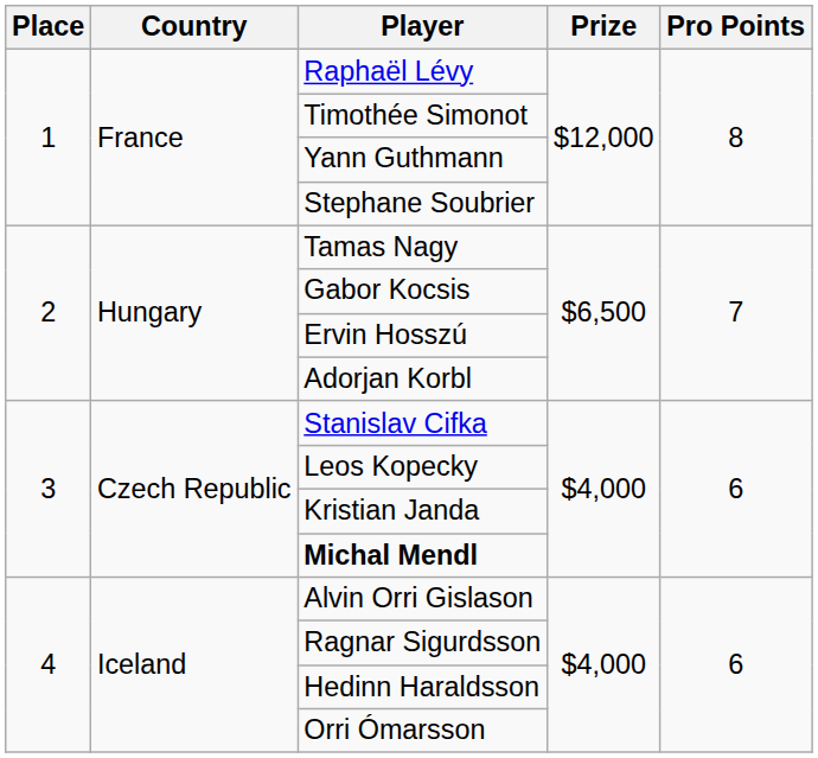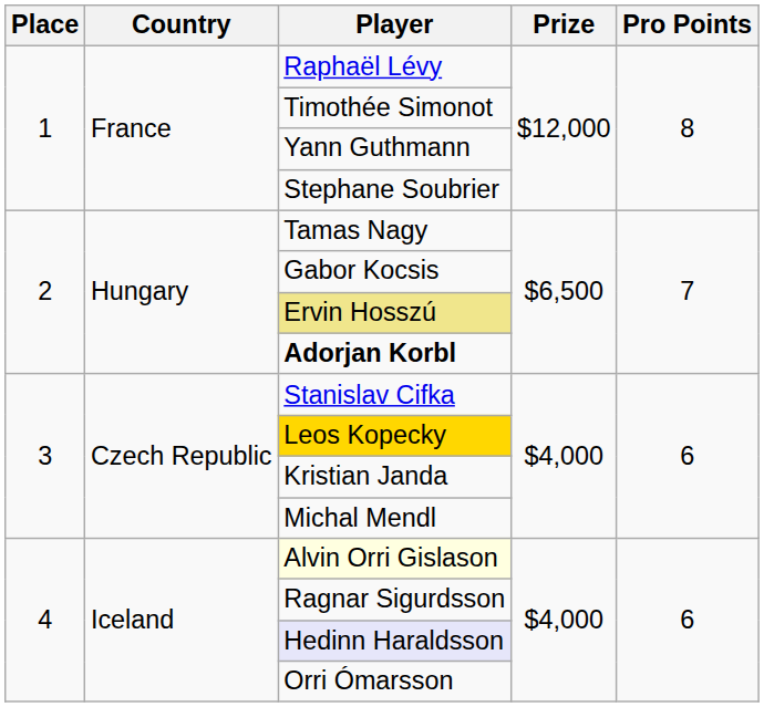 <table class="wikitable">
 <tr>
 <th>Place</th>
 <th>Country</th>
 <th>Player</th>
 <th>Prize</th>
 <th>Pro Points</th>
 </tr>
 <tr>
 <td rowspan="4" align=center>1</td>
 <td rowspan="4"> France</td>
 <td><a href='#'>Raphaël Lévy</a></td>
 <td rowspan="4" align=center>$12,000</td>
 <td rowspan="4" align=center>8</td>
 </tr>
 <tr>
 <td>Timothée Simonot</td>
 </tr>
 <tr>
 <td>Yann Guthmann</td>
 </tr>
 <tr>
 <td>Stephane Soubrier</td>
 </tr>
 <tr>
 <td rowspan="4" align=center>2</td>
 <td rowspan="4"> Hungary</td>
 <td>Tamas Nagy</td>
 <td rowspan="4" align=center>$6,500</td>
 <td rowspan="4" align=center>7</td>
 </tr>
 <tr>
 <td>Gabor Kocsis</td>
 </tr>
 <tr>
-<td>Ervin Hosszú</td>
+<td style="background: khaki;">Ervin Hosszú</td>
 </tr>
 <tr>
-<td>Adorjan Korbl</td>
+<td><strong>Adorjan Korbl</strong></td>
 </tr>
 <tr>
 <td rowspan="4" align=center>3</td>
 <td rowspan="4"> Czech Republic</td>
 <td><a href='#'>Stanislav Cifka</a></td>
 <td rowspan="4" align=center>$4,000</td>
 <td rowspan="4" align=center>6</td>
 </tr>
 <tr>
-<td>Leos Kopecky</td>
+<td style="background: gold;">Leos Kopecky</td>
 </tr>
 <tr>
 <td>Kristian Janda</td>
 </tr>
 <tr>
-<td><strong>Michal Mendl</strong></td>
+<td>Michal Mendl</td>
 </tr>
 <tr>
 <td rowspan="4" align=center>4</td>
 <td rowspan="4"> Iceland</td>
-<td>Alvin Orri Gislason</td>
+<td style="background: lightyellow;">Alvin Orri Gislason</td>
 <td rowspan="4" align=center>$4,000</td>
 <td rowspan="4" align=center>6</td>
 </tr>
 <tr>
 <td>Ragnar Sigurdsson</td>
 </tr>
 <tr>
-<td>Hedinn Haraldsson</td>
+<td style="background: lavender;">Hedinn Haraldsson</td>
 </tr>
 <tr>
 <td>Orri Ómarsson</td>
 </tr>
 </table>
